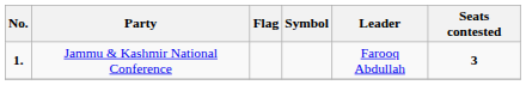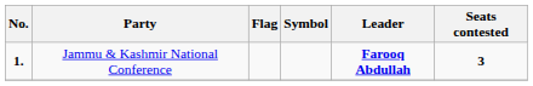 <table class="wikitable">
 <tr>
 <th>No.</th>
 <th>Party</th>
 <th>Flag</th>
 <th>Symbol</th>
 <th>Leader</th>
 <th>Seats contested</th>
 </tr>
 <tr>
 <td ! style="text-align:center; background:"><strong>1.</strong></td>
 <td style="text-align:center"><a href='#'>Jammu & Kashmir National Conference</a></td>
 <td></td>
 <td></td>
-<td style="text-align:center"><a href='#'>Farooq Abdullah</a></td>
+<td style="text-align:center"><strong><a href='#'>Farooq Abdullah</a></strong></td>
 <td style="text-align:center"><strong>3</strong></td>
 </tr>
 <tr>
 </tr>
 </table>
